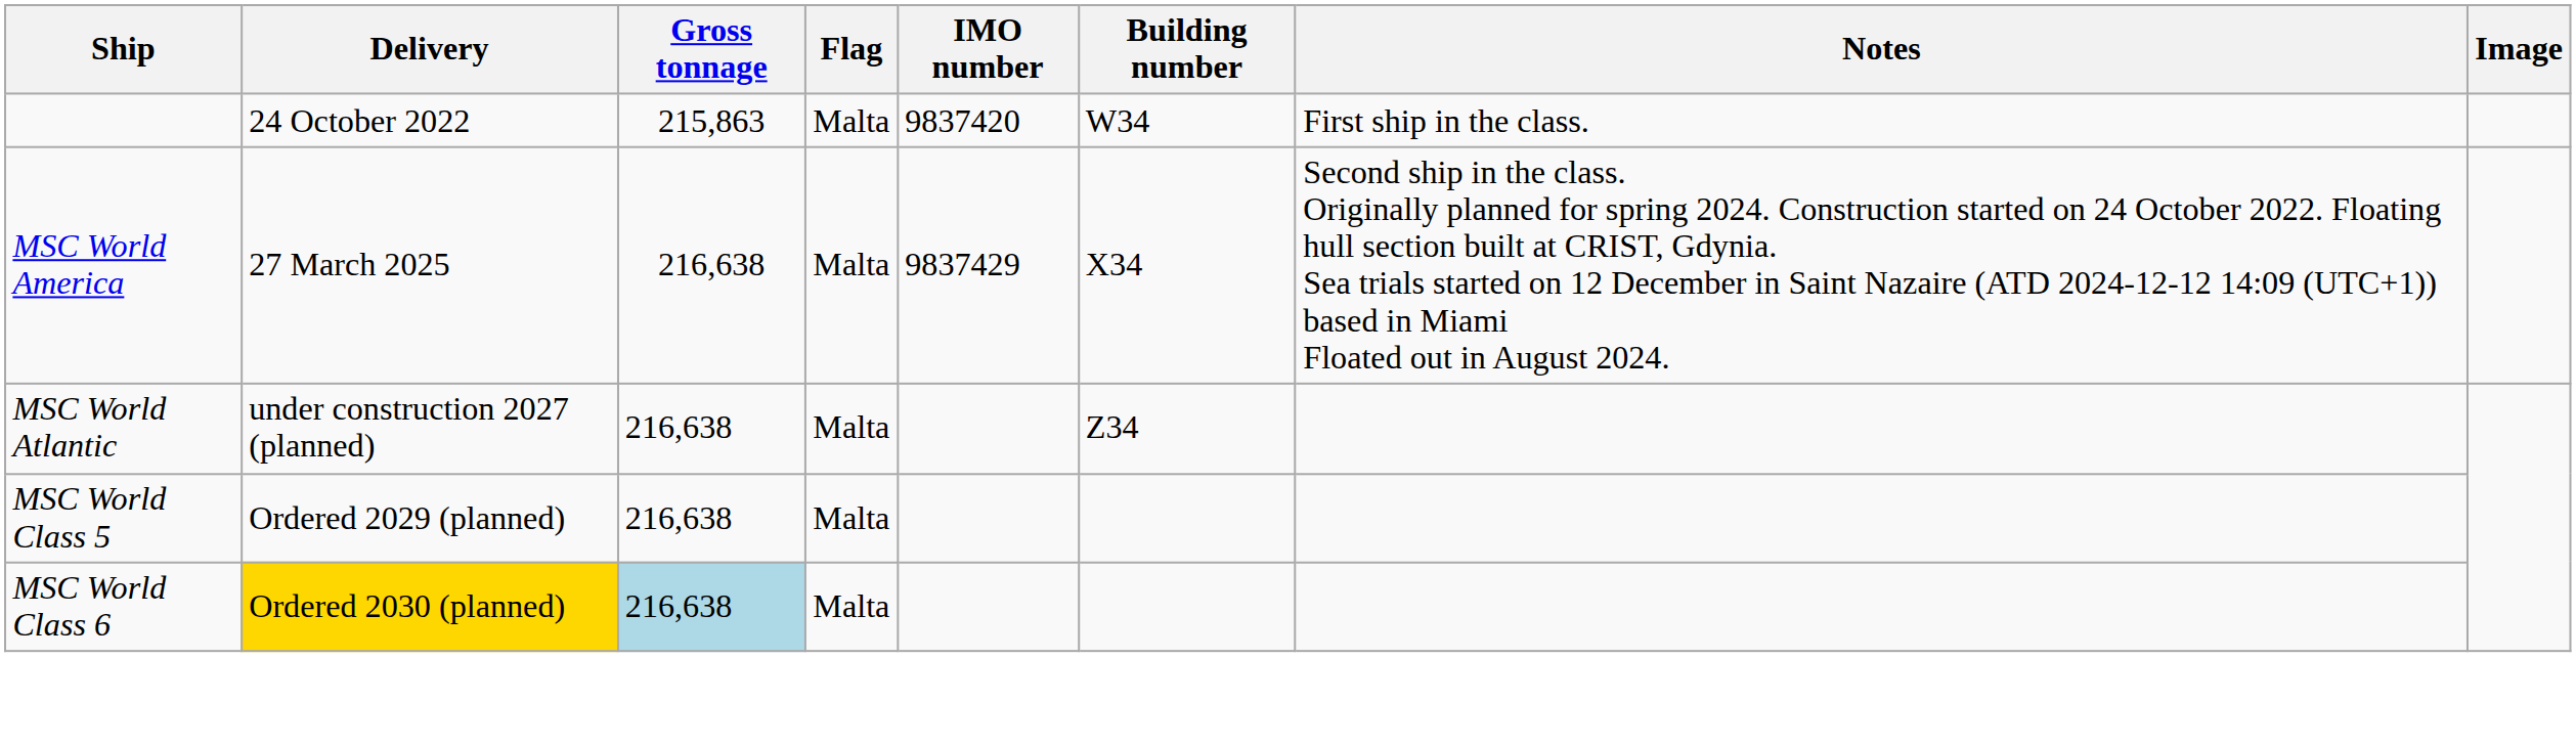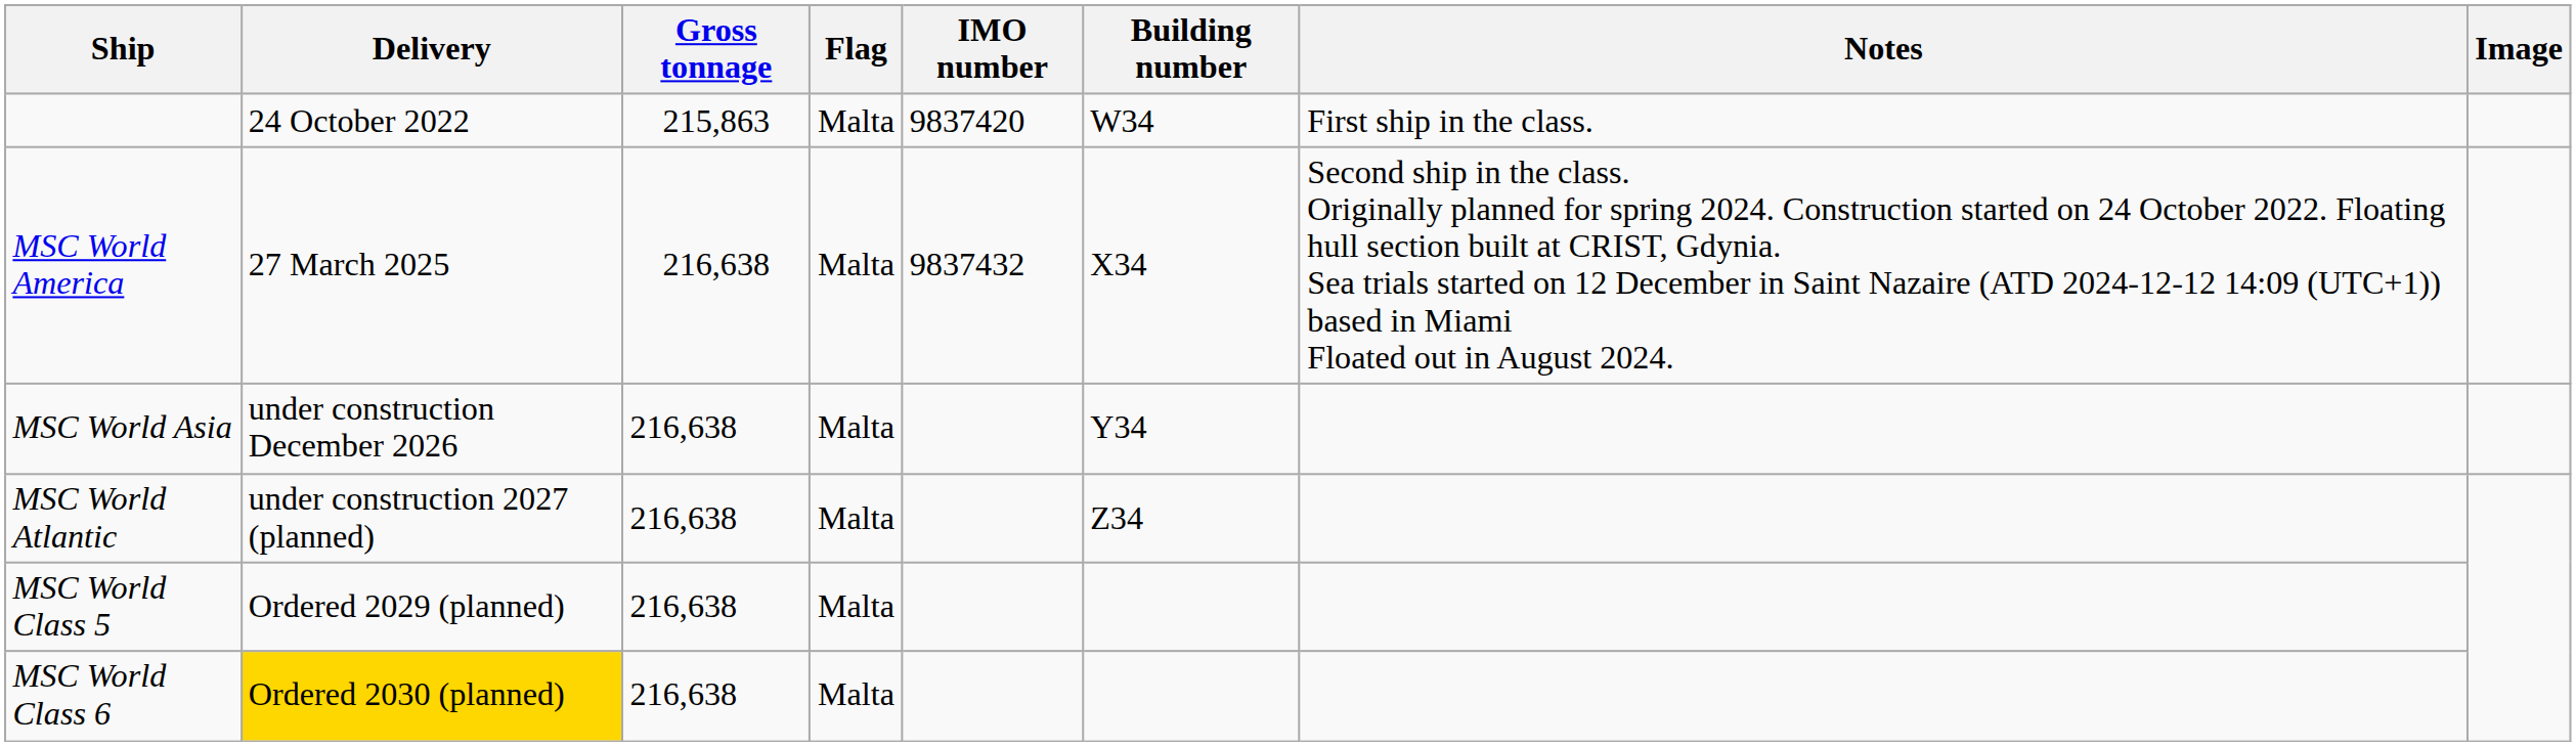 <table class="wikitable">
 <tr>
 <th>Ship</th>
 <th>Delivery</th>
 <th><a href='#'>Gross tonnage</a></th>
 <th>Flag</th>
 <th>IMO number</th>
 <th>Building number</th>
 <th>Notes</th>
 <th>Image</th>
 </tr>
 <tr>
 <td></td>
 <td>24 October 2022</td>
 <td style="text-align:Center;">215,863</td>
 <td>Malta</td>
 <td>9837420</td>
 <td>W34</td>
 <td>First ship in the class.</td>
 <td></td>
 </tr>
 <tr>
 <td><em><a href='#'>MSC World America</a></em></td>
 <td>27 March 2025</td>
 <td style="text-align:Center;">216,638 </td>
 <td>Malta</td>
-<td>9837429</td>
+<td>9837432</td>
 <td>X34</td>
 <td>Second ship in the class.<br>Originally planned for spring 2024. Construction started on 24 October 2022. Floating hull section built at CRIST, Gdynia.<br>Sea trials started on 12 December in Saint Nazaire (ATD 2024-12-12 14:09 (UTC+1))<br>based in Miami<br>Floated out in August 2024.</td>
+<td></td>
+</tr>
+<tr>
+<td><em>MSC World Asia</em></td>
+<td>under construction December 2026</td>
+<td>216,638</td>
+<td>Malta</td>
+<td></td>
+<td>Y34</td>
+<td></td>
 <td></td>
 </tr>
 <tr>
 <td><em>MSC World Atlantic</em></td>
 <td>under construction 2027 (planned)</td>
 <td>216,638</td>
 <td>Malta</td>
 <td></td>
 <td>Z34</td>
 <td></td>
 </tr>
 <tr>
 <td><em>MSC World Class 5</em></td>
 <td>Ordered 2029 (planned)</td>
 <td>216,638</td>
 <td>Malta</td>
 <td></td>
 <td></td>
 <td></td>
 </tr>
 <tr>
 <td><em>MSC World Class 6</em></td>
 <td style="background: gold;">Ordered 2030 (planned)</td>
-<td style="background: lightblue;">216,638</td>
+<td>216,638</td>
 <td>Malta</td>
 <td></td>
 <td></td>
 <td></td>
 </tr>
 </table>
